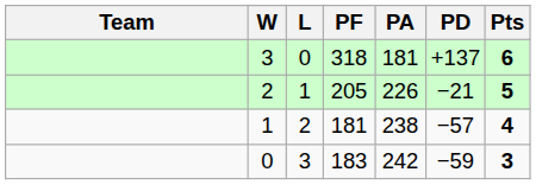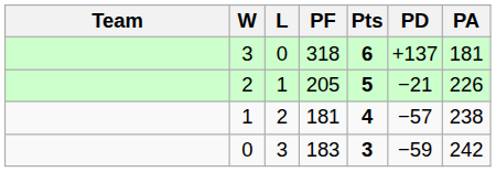 <table class="wikitable" style="text-align:center;">
 <tr>
 <th width=170>Team</th>
 <th width=20>W</th>
 <th width=20>L</th>
 <th width=30>PF</th>
+<th width=20>Pts</th>
+<th width=30>PD</th>
 <th width=30>PA</th>
-<th width=30>PD</th>
-<th width=20>Pts</th>
 </tr>
 <tr bgcolor="#ccffcc">
 <td align=left></td>
 <td>3</td>
 <td>0</td>
 <td>318</td>
+<td><strong>6</strong></td>
+<td>+137</td>
 <td>181</td>
-<td>+137</td>
-<td><strong>6</strong></td>
 </tr>
 <tr bgcolor="#ccffcc">
 <td align=left></td>
 <td>2</td>
 <td>1</td>
 <td>205</td>
+<td><strong>5</strong></td>
+<td>−21</td>
 <td>226</td>
-<td>−21</td>
-<td><strong>5</strong></td>
 </tr>
 <tr>
 <td align=left></td>
 <td>1</td>
 <td>2</td>
 <td>181</td>
+<td><strong>4</strong></td>
+<td>−57</td>
 <td>238</td>
-<td>−57</td>
-<td><strong>4</strong></td>
 </tr>
 <tr>
 <td align=left></td>
 <td>0</td>
 <td>3</td>
 <td>183</td>
+<td><strong>3</strong></td>
+<td>−59</td>
 <td>242</td>
-<td>−59</td>
-<td><strong>3</strong></td>
 </tr>
 </table>
